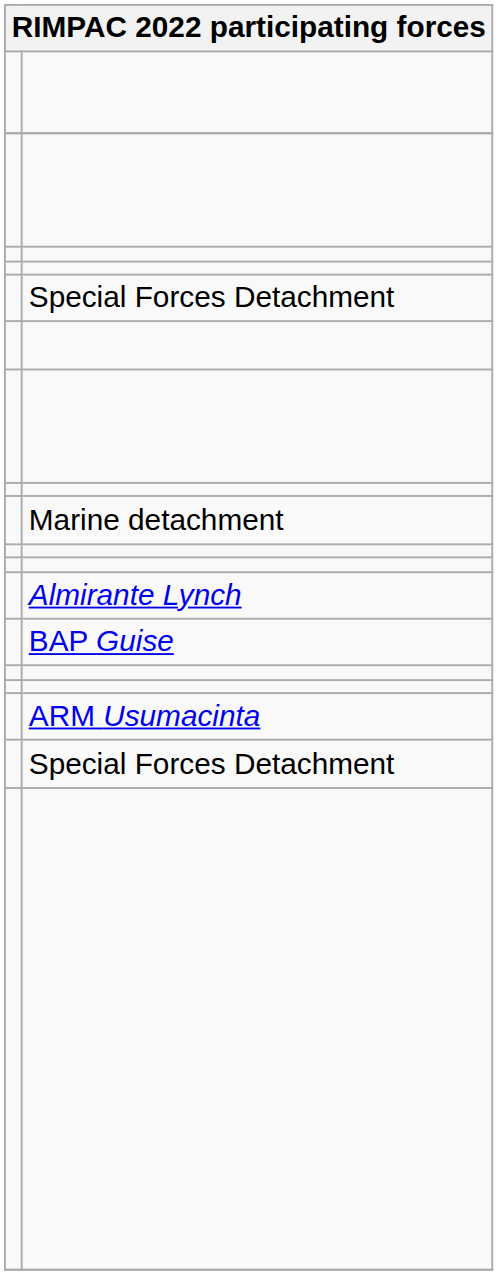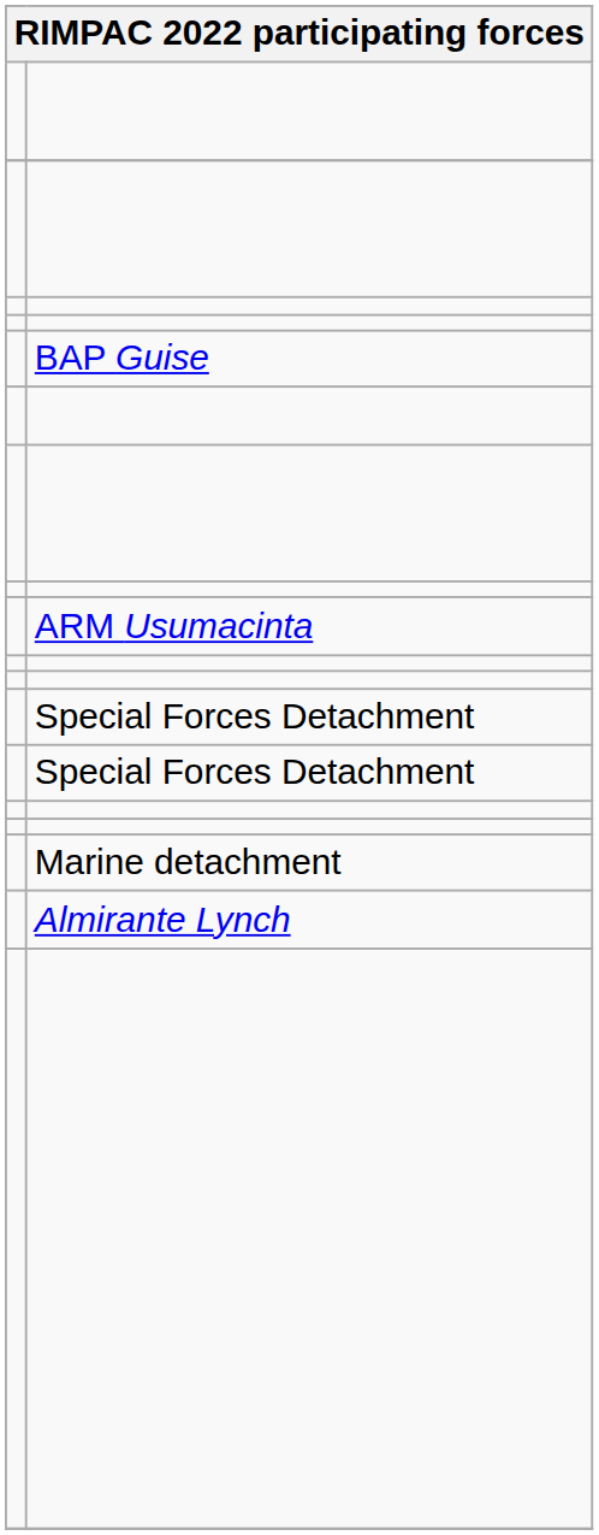 <table class="wikitable collapsible collapsed">
 <tr>
 <th colspan="2">RIMPAC 2022 participating forces</th>
 </tr>
 <tr>
 <td></td>
 <td><br> <br> </td>
 </tr>
 <tr>
 </tr>
 <tr>
 <td></td>
 <td><br> <br> <br> </td>
 </tr>
 <tr>
 <td></td>
 <td></td>
 </tr>
 <tr>
 <td></td>
 <td></td>
 </tr>
 <tr>
 <td></td>
-<td>Special Forces Detachment</td>
+<td><a href='#'>BAP <em>Guise</em></a></td>
 </tr>
 <tr>
 <td></td>
 <td><br> </td>
 </tr>
 <tr>
 <td></td>
 <td><br> <br> <br> </td>
 </tr>
 <tr>
 <td></td>
 <td></td>
 </tr>
 <tr>
 <td></td>
-<td>Marine detachment</td>
+<td><a href='#'>ARM <em>Usumacinta</em></a><br> </td>
 </tr>
 <tr>
 <td></td>
 <td></td>
 </tr>
 <tr>
 <td></td>
 <td></td>
 </tr>
 <tr>
 <td></td>
-<td><a href='#'><em>Almirante Lynch</em></a></td>
+<td>Special Forces Detachment</td>
 </tr>
 <tr>
 <td></td>
-<td><a href='#'>BAP <em>Guise</em></a></td>
+<td>Special Forces Detachment</td>
 </tr>
 <tr>
 <td></td>
 <td></td>
 </tr>
 <tr>
 <td></td>
 <td></td>
 </tr>
 <tr>
 <td></td>
-<td><a href='#'>ARM <em>Usumacinta</em></a><br> </td>
+<td>Marine detachment</td>
 </tr>
 <tr>
 <td></td>
-<td>Special Forces Detachment</td>
+<td><a href='#'><em>Almirante Lynch</em></a></td>
 </tr>
 <tr>
 <td></td>
 <td><br><br><br><br><br><br><br><br><br><br><br><br><br><br></td>
 </tr>
 <tr>
 </tr>
 </table>
